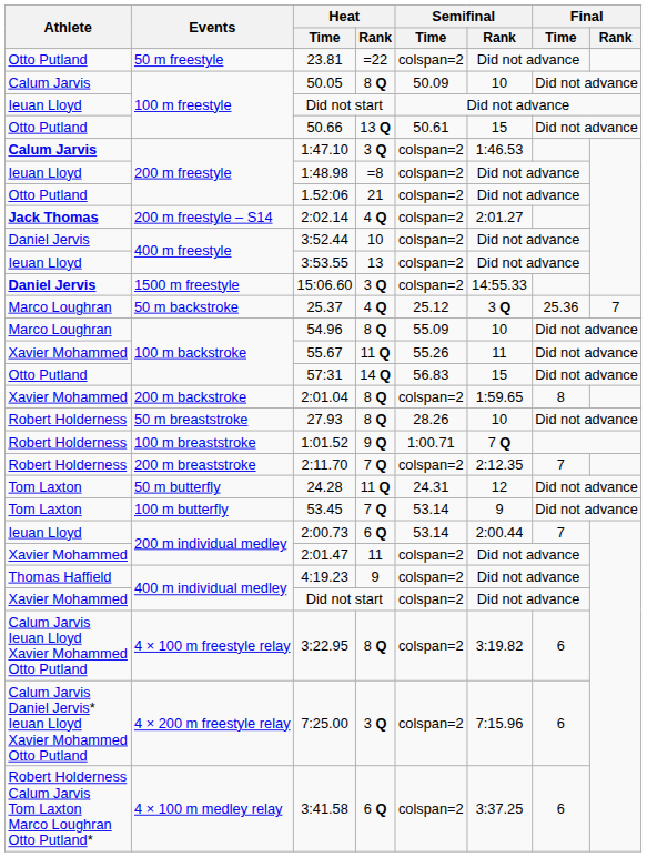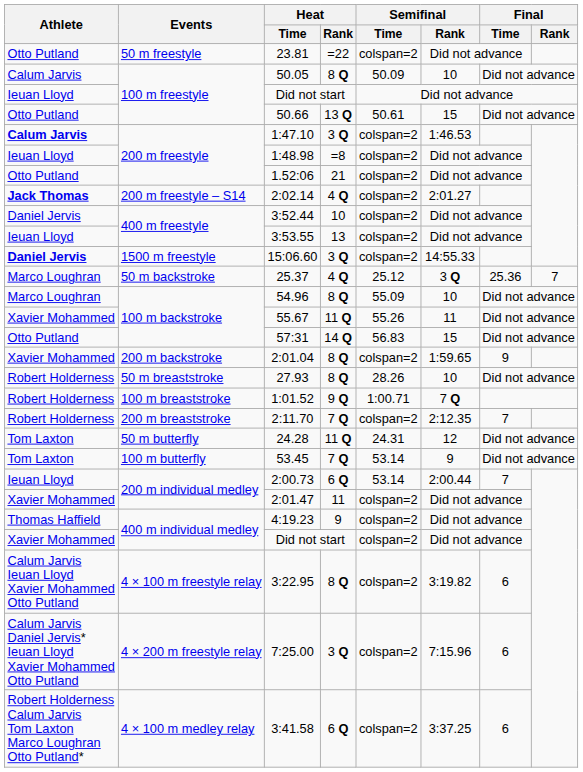 <table class=wikitable style=font-size:90%>
 <tr>
 <th rowspan=2>Athlete</th>
 <th rowspan=2>Events</th>
 <th colspan=2>Heat</th>
 <th colspan=2>Semifinal</th>
 <th colspan=2>Final</th>
 </tr>
 <tr style=font-size:95%>
 <th>Time</th>
 <th>Rank</th>
 <th>Time</th>
 <th>Rank</th>
 <th>Time</th>
 <th>Rank</th>
 </tr>
 <tr align=center>
 <td align=left><a href='#'>Otto Putland</a></td>
 <td align=left><a href='#'>50 m freestyle</a></td>
 <td>23.81</td>
 <td>=22</td>
 <td>colspan=2 </td>
 <td colspan=2>Did not advance</td>
 </tr>
 <tr align=center>
 <td align=left><a href='#'>Calum Jarvis</a></td>
 <td align=left rowspan=3><a href='#'>100 m freestyle</a></td>
 <td>50.05</td>
 <td>8 <strong>Q</strong></td>
 <td>50.09</td>
 <td>10</td>
 <td colspan=2>Did not advance</td>
 </tr>
 <tr align=center>
 <td align=left><a href='#'>Ieuan Lloyd</a></td>
 <td colspan=2>Did not start</td>
 <td colspan=4>Did not advance</td>
 </tr>
 <tr align=center>
 <td align=left><a href='#'>Otto Putland</a></td>
 <td>50.66</td>
 <td>13 <strong>Q</strong></td>
 <td>50.61</td>
 <td>15</td>
 <td colspan=2>Did not advance</td>
 </tr>
 <tr align=center>
 <td align=left><strong><a href='#'>Calum Jarvis</a></strong></td>
 <td align=left rowspan=3><a href='#'>200 m freestyle</a></td>
 <td>1:47.10</td>
 <td>3 <strong>Q</strong></td>
 <td>colspan=2 </td>
 <td>1:46.53</td>
 <td></td>
 </tr>
 <tr align=center>
 <td align=left><a href='#'>Ieuan Lloyd</a></td>
 <td>1:48.98</td>
 <td>=8</td>
 <td>colspan=2 </td>
 <td colspan=2>Did not advance</td>
 </tr>
 <tr align=center>
 <td align=left><a href='#'>Otto Putland</a></td>
 <td>1.52:06</td>
 <td>21</td>
 <td>colspan=2 </td>
 <td colspan=2>Did not advance</td>
 </tr>
 <tr align=center>
 <td align=left><strong><a href='#'>Jack Thomas</a></strong></td>
 <td align=left><a href='#'>200 m freestyle – S14</a></td>
 <td>2:02.14</td>
 <td>4 <strong>Q</strong></td>
 <td>colspan=2 </td>
 <td>2:01.27</td>
 <td></td>
 </tr>
 <tr align=center>
 <td align=left><a href='#'>Daniel Jervis</a></td>
 <td align=left rowspan=2><a href='#'>400 m freestyle</a></td>
 <td>3:52.44</td>
 <td>10</td>
 <td>colspan=2 </td>
 <td colspan=2>Did not advance</td>
 </tr>
 <tr align=center>
 <td align=left><a href='#'>Ieuan Lloyd</a></td>
 <td>3:53.55</td>
 <td>13</td>
 <td>colspan=2 </td>
 <td colspan=2>Did not advance</td>
 </tr>
 <tr align=center>
 <td align=left><strong><a href='#'>Daniel Jervis</a></strong></td>
 <td align=left><a href='#'>1500 m freestyle</a></td>
 <td>15:06.60</td>
 <td>3 <strong>Q</strong></td>
 <td>colspan=2 </td>
 <td>14:55.33</td>
 <td></td>
 </tr>
 <tr align=center>
 <td align=left><a href='#'>Marco Loughran</a></td>
 <td align=left><a href='#'>50 m backstroke</a></td>
 <td>25.37</td>
 <td>4 <strong>Q</strong></td>
 <td>25.12</td>
 <td>3 <strong>Q</strong></td>
 <td>25.36</td>
 <td>7</td>
 </tr>
 <tr align=center>
 <td align=left><a href='#'>Marco Loughran</a></td>
 <td align=left rowspan=3><a href='#'>100 m backstroke</a></td>
 <td>54.96</td>
 <td>8 <strong>Q</strong></td>
 <td>55.09</td>
 <td>10</td>
 <td colspan=2>Did not advance</td>
 </tr>
 <tr align=center>
 <td align=left><a href='#'>Xavier Mohammed</a></td>
 <td>55.67</td>
 <td>11 <strong>Q</strong></td>
 <td>55.26</td>
 <td>11</td>
 <td colspan=2>Did not advance</td>
 </tr>
 <tr align=center>
 <td align=left><a href='#'>Otto Putland</a></td>
 <td>57:31</td>
 <td>14 <strong>Q</strong></td>
 <td>56.83</td>
 <td>15</td>
 <td colspan=2>Did not advance</td>
 </tr>
 <tr align=center>
 <td align=left><a href='#'>Xavier Mohammed</a></td>
 <td align=left><a href='#'>200 m backstroke</a></td>
 <td>2:01.04</td>
 <td>8 <strong>Q</strong></td>
 <td>colspan=2 </td>
 <td>1:59.65</td>
-<td>8</td>
+<td>9</td>
 </tr>
 <tr align=center>
 <td align=left><a href='#'>Robert Holderness</a></td>
 <td align=left><a href='#'>50 m breaststroke</a></td>
 <td>27.93</td>
 <td>8 <strong>Q</strong></td>
 <td>28.26</td>
 <td>10</td>
 <td colspan=2>Did not advance</td>
 </tr>
 <tr align=center>
 <td align=left><a href='#'>Robert Holderness</a></td>
 <td align=left><a href='#'>100 m breaststroke</a></td>
 <td>1:01.52</td>
 <td>9 <strong>Q</strong></td>
 <td>1:00.71</td>
 <td>7 <strong>Q</strong></td>
 <td colspan=2></td>
 </tr>
 <tr align=center>
 <td align=left><a href='#'>Robert Holderness</a></td>
 <td align=left><a href='#'>200 m breaststroke</a></td>
 <td>2:11.70</td>
 <td>7 <strong>Q</strong></td>
 <td>colspan=2 </td>
 <td>2:12.35</td>
 <td>7</td>
 </tr>
 <tr align=center>
 <td align=left><a href='#'>Tom Laxton</a></td>
 <td align=left><a href='#'>50 m butterfly</a></td>
 <td>24.28</td>
 <td>11 <strong>Q</strong></td>
 <td>24.31</td>
 <td>12</td>
 <td colspan=2>Did not advance</td>
 </tr>
 <tr align=center>
 <td align=left><a href='#'>Tom Laxton</a></td>
 <td align=left><a href='#'>100 m butterfly</a></td>
 <td>53.45</td>
 <td>7 <strong>Q</strong></td>
 <td>53.14</td>
 <td>9</td>
 <td colspan=2>Did not advance</td>
 </tr>
 <tr align=center>
 <td align=left><a href='#'>Ieuan Lloyd</a></td>
 <td align=left rowspan=2><a href='#'>200 m individual medley</a></td>
 <td>2:00.73</td>
 <td>6 <strong>Q</strong></td>
 <td>53.14</td>
 <td>2:00.44</td>
 <td>7</td>
 </tr>
 <tr align=center>
 <td align=left><a href='#'>Xavier Mohammed</a></td>
 <td>2:01.47</td>
 <td>11</td>
 <td>colspan=2 </td>
 <td colspan=2>Did not advance</td>
 </tr>
 <tr align=center>
 <td align=left><a href='#'>Thomas Haffield</a></td>
 <td align=left rowspan=2><a href='#'>400 m individual medley</a></td>
 <td>4:19.23</td>
 <td>9</td>
 <td>colspan=2 </td>
 <td colspan=2>Did not advance</td>
 </tr>
 <tr align=center>
 <td align=left><a href='#'>Xavier Mohammed</a></td>
 <td colspan=2>Did not start</td>
 <td>colspan=2 </td>
 <td colspan=2>Did not advance</td>
 </tr>
 <tr align=center>
 <td align=left><a href='#'>Calum Jarvis</a><br><a href='#'>Ieuan Lloyd</a><br><a href='#'>Xavier Mohammed</a><br><a href='#'>Otto Putland</a></td>
 <td align=left><a href='#'>4 × 100 m freestyle relay</a></td>
 <td>3:22.95</td>
 <td>8 <strong>Q</strong></td>
 <td>colspan=2 </td>
 <td>3:19.82</td>
 <td>6</td>
 </tr>
 <tr align=center>
 <td align=left><a href='#'>Calum Jarvis</a><br><a href='#'>Daniel Jervis</a>*<br><a href='#'>Ieuan Lloyd</a><br><a href='#'>Xavier Mohammed</a><br><a href='#'>Otto Putland</a></td>
 <td align=left><a href='#'>4 × 200 m freestyle relay</a></td>
 <td>7:25.00</td>
 <td>3 <strong>Q</strong></td>
 <td>colspan=2 </td>
 <td>7:15.96</td>
 <td>6</td>
 </tr>
 <tr align=center>
 <td align=left><a href='#'>Robert Holderness</a><br><a href='#'>Calum Jarvis</a><br><a href='#'>Tom Laxton</a><br><a href='#'>Marco Loughran</a><br><a href='#'>Otto Putland</a>*</td>
 <td align=left><a href='#'>4 × 100 m medley relay</a></td>
 <td>3:41.58</td>
 <td>6 <strong>Q</strong></td>
 <td>colspan=2 </td>
 <td>3:37.25</td>
 <td>6</td>
 </tr>
 </table>
